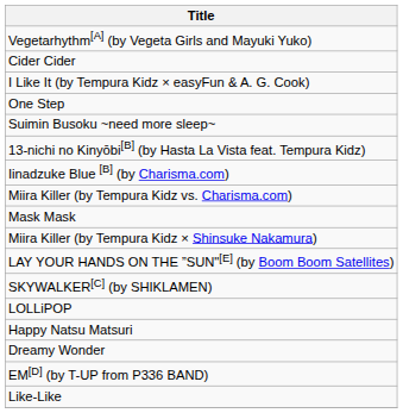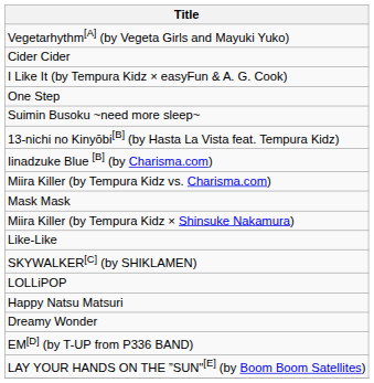 <table class="wikitable">
 <tr>
 <th>Title</th>
 </tr>
 <tr>
 <td>Vegetarhythm<sup>[A]</sup>  (by Vegeta Girls and Mayuki Yuko)</td>
 </tr>
 <tr>
 <td>Cider Cider</td>
 </tr>
 <tr>
 <td>I Like It (by Tempura Kidz × easyFun & A. G. Cook)</td>
 </tr>
 <tr>
 <td>One Step</td>
 </tr>
 <tr>
 <td>Suimin Busoku ~need more sleep~</td>
 </tr>
 <tr>
 <td>13-nichi no Kinyōbi<sup>[B]</sup> (by Hasta La Vista feat. Tempura Kidz)</td>
 </tr>
 <tr>
 <td>Iinadzuke Blue <sup>[B]</sup> (by <a href='#'>Charisma.com</a>)</td>
 </tr>
 <tr>
 <td>Miira Killer (by Tempura Kidz vs. <a href='#'>Charisma.com</a>)</td>
 </tr>
 <tr>
 <td>Mask Mask</td>
 </tr>
 <tr>
 <td>Miira Killer (by Tempura Kidz × <a href='#'>Shinsuke Nakamura</a>)</td>
 </tr>
 <tr>
-<td>LAY YOUR HANDS ON THE ”SUN"<sup>[E]</sup> (by <a href='#'>Boom Boom Satellites</a>)</td>
+<td>Like-Like</td>
 </tr>
 <tr>
 <td>SKYWALKER<sup>[C]</sup> (by SHIKLAMEN)</td>
 </tr>
 <tr>
 <td>LOLLiPOP</td>
 </tr>
 <tr>
 <td>Happy Natsu Matsuri</td>
 </tr>
 <tr>
 <td>Dreamy Wonder</td>
 </tr>
 <tr>
 <td>EM<sup>[D]</sup> (by T-UP from P336 BAND)</td>
 </tr>
 <tr>
-<td>Like-Like</td>
+<td>LAY YOUR HANDS ON THE ”SUN"<sup>[E]</sup> (by <a href='#'>Boom Boom Satellites</a>)</td>
 </tr>
 <tr>
 </tr>
 </table>
